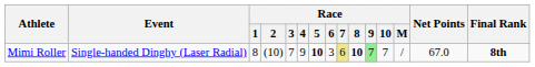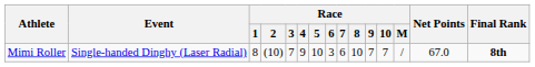 <table class="wikitable" border="1" style="font-size:90%">
 <tr>
 <th rowspan=2>Athlete</th>
 <th rowspan=2>Event</th>
 <th colspan=11>Race</th>
 <th rowspan=2>Net Points</th>
 <th rowspan=2>Final Rank</th>
 </tr>
 <tr>
 <th>1</th>
 <th>2</th>
 <th>3</th>
 <th>4</th>
 <th>5</th>
 <th>6</th>
 <th>7</th>
 <th>8</th>
 <th>9</th>
 <th>10</th>
 <th>M</th>
 </tr>
 <tr align=center>
 <td align=left><a href='#'>Mimi Roller</a></td>
 <td align=left><a href='#'>Single-handed Dinghy (Laser Radial)</a></td>
 <td>8</td>
 <td>(10)</td>
 <td>7</td>
 <td>9</td>
-<td><strong>10</strong></td>
+<td>10</td>
 <td>3</td>
-<td style="background: khaki;">6</td>
-<td><strong>10</strong></td>
-<td style="background: lightgreen;">7</td>
+<td>6</td>
+<td>10</td>
+<td>7</td>
 <td>7</td>
 <td>/</td>
 <td>67.0</td>
 <td><strong>8th</strong></td>
 </tr>
 </table>
